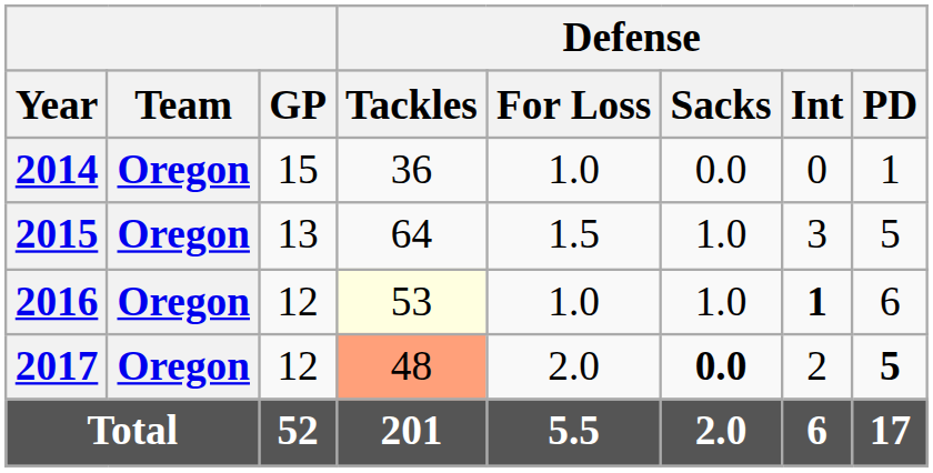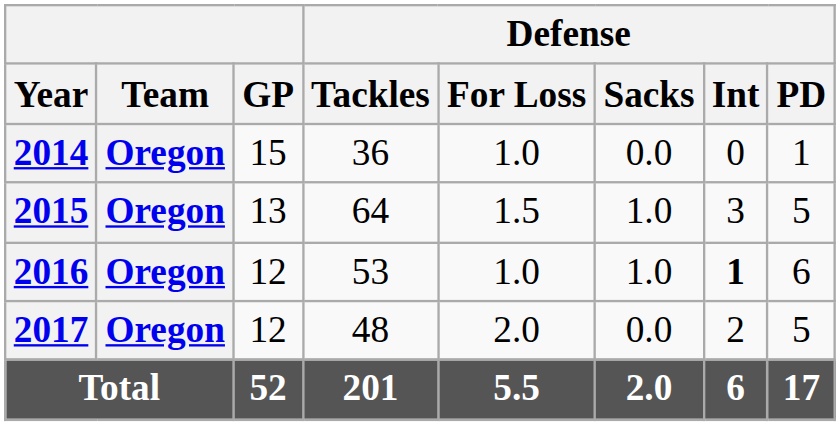 <table class="wikitable" style="text-align:center;">
 <tr>
 <th colspan=3></th>
 <th colspan=5>Defense</th>
 </tr>
 <tr>
 <th>Year</th>
 <th>Team</th>
 <th>GP</th>
 <th>Tackles</th>
 <th>For Loss</th>
 <th>Sacks</th>
 <th>Int</th>
 <th>PD</th>
 </tr>
 <tr>
 <th><a href='#'>2014</a></th>
 <th><a href='#'>Oregon</a></th>
 <td>15</td>
 <td>36</td>
 <td>1.0</td>
 <td>0.0</td>
 <td>0</td>
 <td>1</td>
 </tr>
 <tr>
 <th><a href='#'>2015</a></th>
 <th><a href='#'>Oregon</a></th>
 <td>13</td>
 <td>64</td>
 <td>1.5</td>
 <td>1.0</td>
 <td>3</td>
 <td>5</td>
 </tr>
 <tr>
 <th><a href='#'>2016</a></th>
 <th><a href='#'>Oregon</a></th>
 <td>12</td>
-<td style="background: lightyellow;">53</td>
+<td>53</td>
 <td>1.0</td>
 <td>1.0</td>
 <td><strong>1</strong></td>
 <td>6</td>
 </tr>
 <tr>
 <th><a href='#'>2017</a></th>
 <th><a href='#'>Oregon</a></th>
 <td>12</td>
-<td style="background: lightsalmon;">48</td>
+<td>48</td>
 <td>2.0</td>
-<td><strong>0.0</strong></td>
+<td>0.0</td>
 <td>2</td>
-<td><strong>5</strong></td>
+<td>5</td>
 </tr>
 <tr style="background:#555; font-weight:bold; color:white;">
 <td colspan=2>Total</td>
 <td>52</td>
 <td>201</td>
 <td>5.5</td>
 <td>2.0</td>
 <td>6</td>
 <td>17</td>
 </tr>
 </table>
